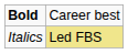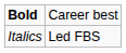 <table class="wikitable">
 <tr>
 <td><strong>Bold</strong></td>
 <td>Career best</td>
 </tr>
 <tr>
 <td><em>Italics</em></td>
-<td style="background: khaki;">Led FBS</td>
+<td>Led FBS</td>
 </tr>
 </table>
